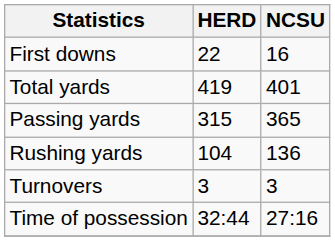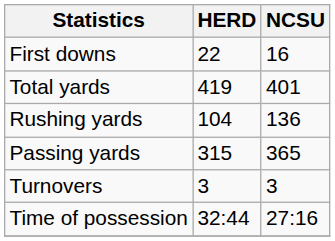 <table class="wikitable">
 <tr>
 <th>Statistics</th>
 <th>HERD</th>
 <th>NCSU</th>
 </tr>
 <tr>
 <td>First downs</td>
 <td>22</td>
 <td>16</td>
 </tr>
 <tr>
 <td>Total yards</td>
 <td>419</td>
 <td>401</td>
 </tr>
 <tr>
+<td>Rushing yards</td>
+<td>104</td>
+<td>136</td>
+</tr>
+<tr>
 <td>Passing yards</td>
 <td>315</td>
 <td>365</td>
-</tr>
-<tr>
-<td>Rushing yards</td>
-<td>104</td>
-<td>136</td>
 </tr>
 <tr>
 <td>Turnovers</td>
 <td>3</td>
 <td>3</td>
 </tr>
 <tr>
 <td>Time of possession</td>
 <td>32:44</td>
 <td>27:16</td>
 </tr>
 <tr>
 </tr>
 </table>
